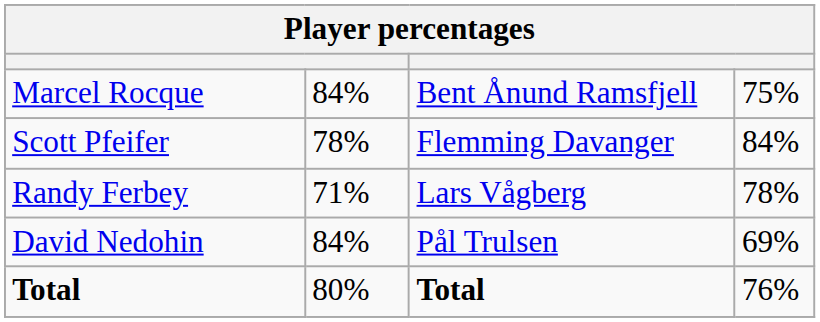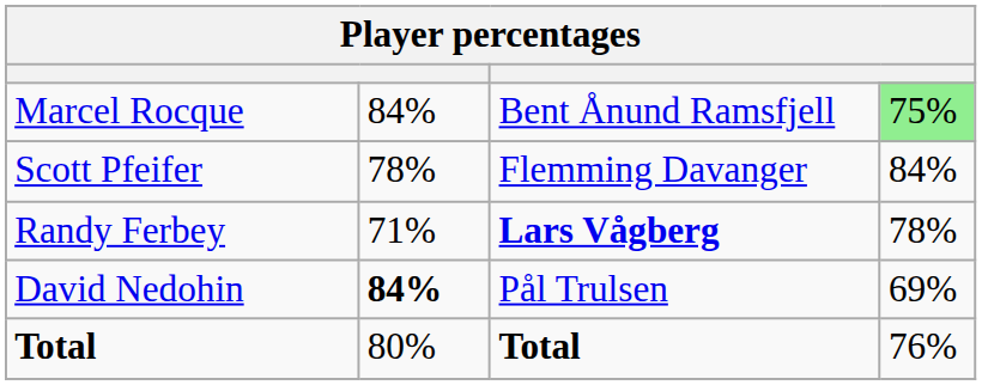 <table class="wikitable">
 <tr>
 <th colspan=4 width=400>Player percentages</th>
 </tr>
 <tr>
 <th colspan=2 width=200></th>
 <th colspan=2 width=200></th>
 </tr>
 <tr>
 <td><a href='#'>Marcel Rocque</a></td>
 <td>84%</td>
 <td><a href='#'>Bent Ånund Ramsfjell</a></td>
-<td>75%</td>
+<td style="background: lightgreen;">75%</td>
 </tr>
 <tr>
 <td><a href='#'>Scott Pfeifer</a></td>
 <td>78%</td>
 <td><a href='#'>Flemming Davanger</a></td>
 <td>84%</td>
 </tr>
 <tr>
 <td><a href='#'>Randy Ferbey</a></td>
 <td>71%</td>
-<td><a href='#'>Lars Vågberg</a></td>
+<td><strong><a href='#'>Lars Vågberg</a></strong></td>
 <td>78%</td>
 </tr>
 <tr>
 <td><a href='#'>David Nedohin</a></td>
-<td>84%</td>
+<td><strong>84%</strong></td>
 <td><a href='#'>Pål Trulsen</a></td>
 <td>69%</td>
 </tr>
 <tr>
 <td><strong>Total</strong></td>
 <td>80%</td>
 <td><strong>Total</strong></td>
 <td>76%</td>
 </tr>
 </table>
